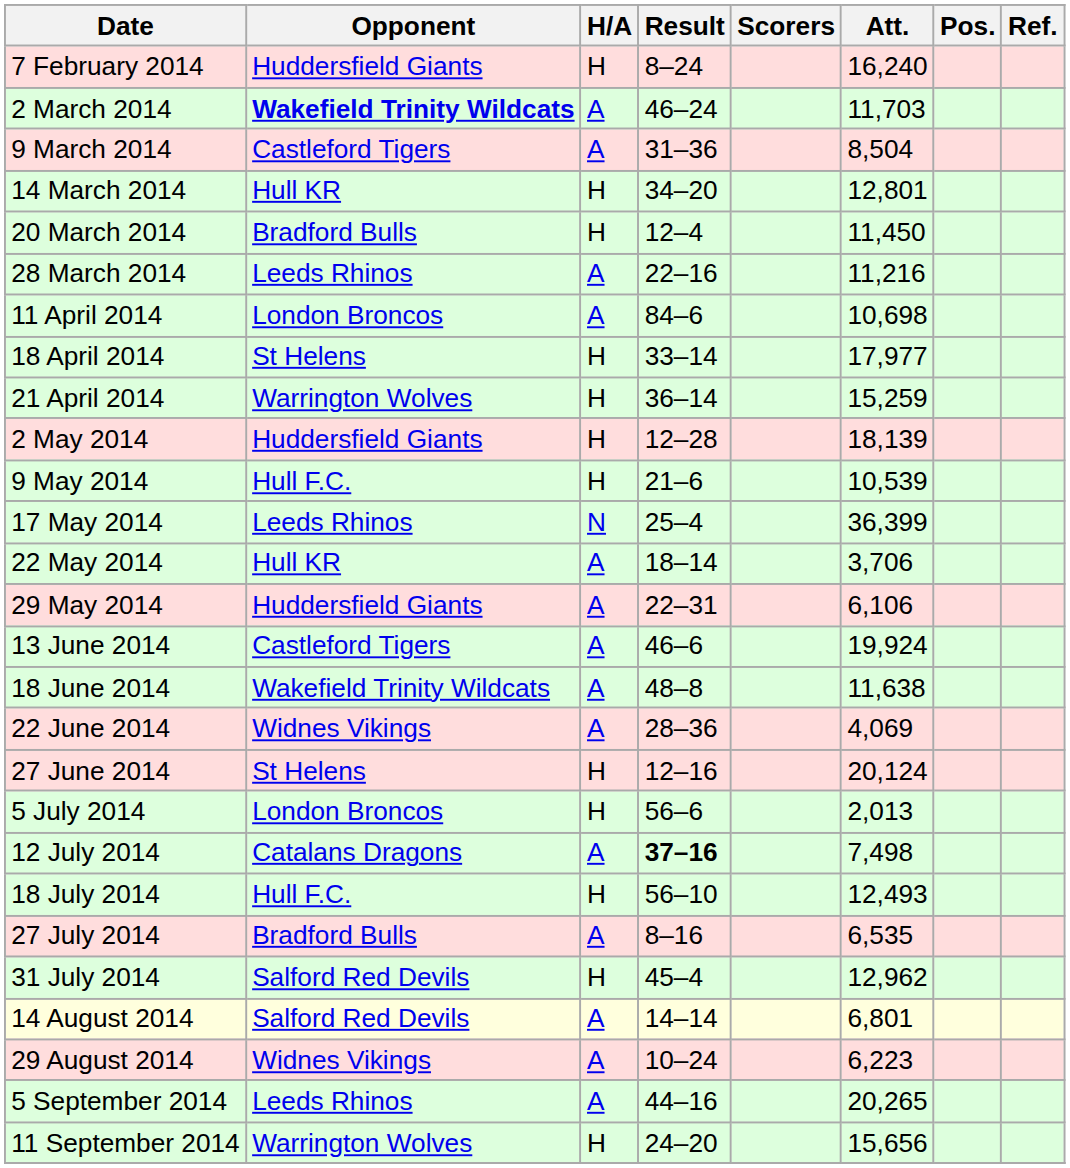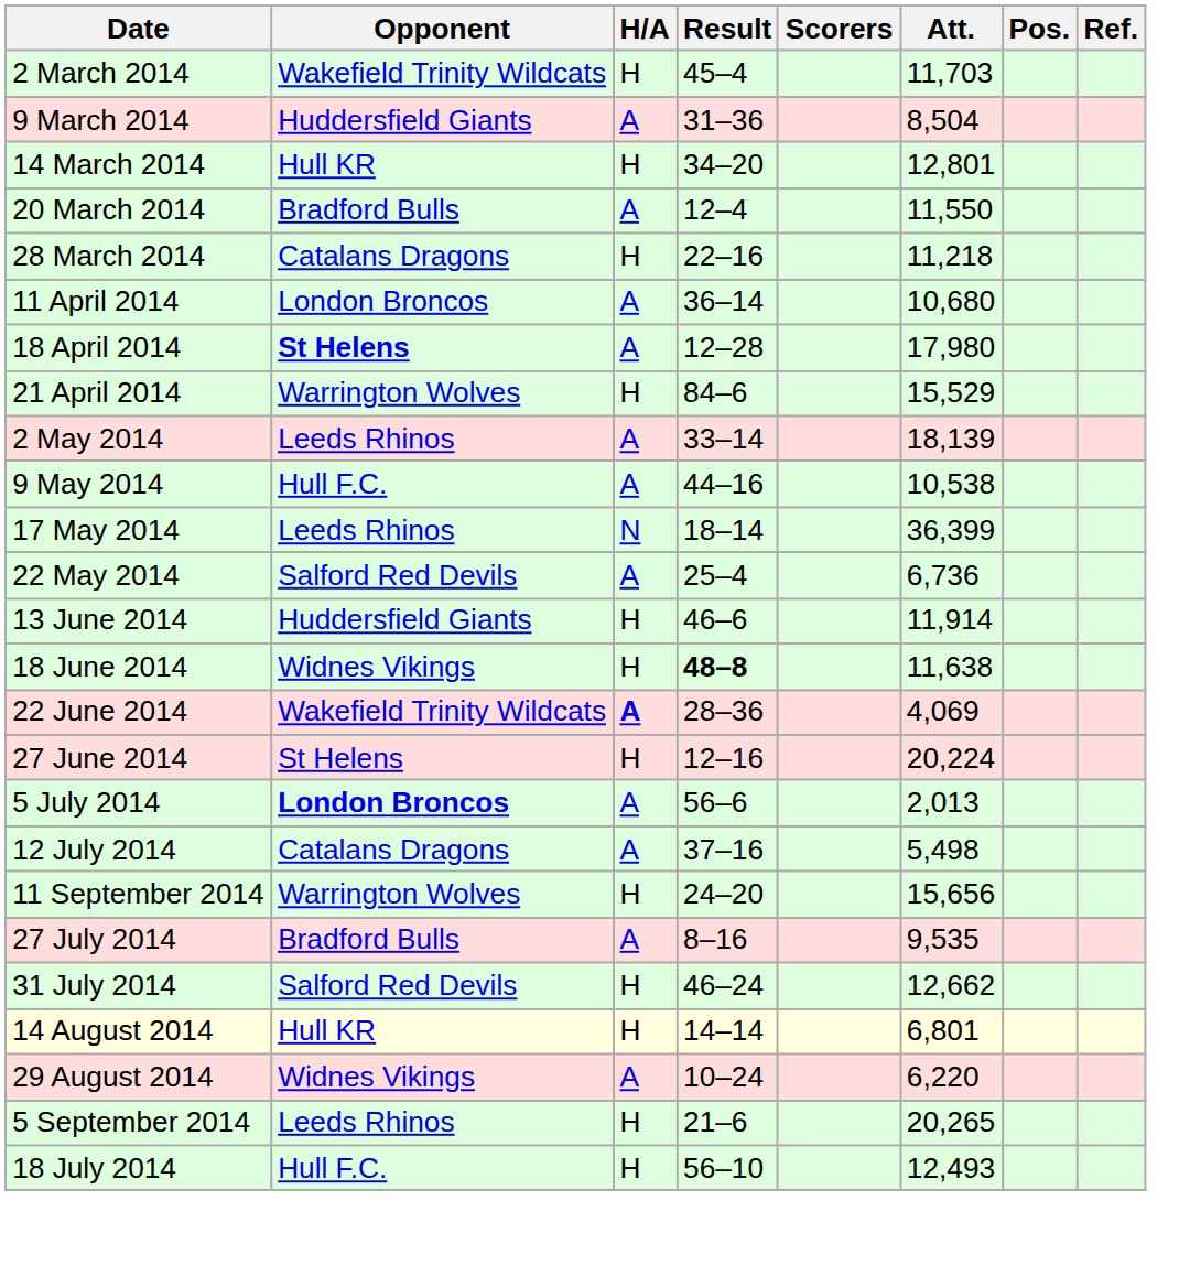 <table class="wikitable" style="font-size:85%;">
 <tr>
 <th>Date</th>
 <th>Opponent</th>
 <th>H/A</th>
 <th>Result</th>
 <th>Scorers</th>
 <th>Att.</th>
 <th>Pos.</th>
 <th>Ref.</th>
 </tr>
-<tr style="background:#ffdddd;">
-<td>7 February 2014</td>
-<td> <a href='#'>Huddersfield Giants</a></td>
-<td>H</td>
-<td>8–24</td>
-<td></td>
-<td>16,240</td>
-<td></td>
-<td></td>
-</tr>
 <tr style="background:#ddffdd;">
 <td>2 March 2014</td>
-<td><strong> <a href='#'> Wakefield Trinity Wildcats</a></strong></td>
-<td><a href='#'>A</a></td>
-<td>46–24</td>
+<td> <a href='#'> Wakefield Trinity Wildcats</a></td>
+<td>H</td>
+<td>45–4</td>
 <td></td>
 <td>11,703</td>
 <td></td>
 <td></td>
 </tr>
 <tr style="background:#ffdddd;">
 <td>9 March 2014</td>
-<td> <a href='#'>Castleford Tigers</a></td>
+<td> <a href='#'>Huddersfield Giants</a></td>
 <td><a href='#'>A</a></td>
 <td>31–36</td>
 <td></td>
 <td>8,504</td>
 <td></td>
 <td></td>
 </tr>
 <tr style="background:#ddffdd;">
 <td>14 March 2014</td>
 <td> <a href='#'>Hull KR</a></td>
 <td>H</td>
 <td>34–20</td>
 <td></td>
 <td>12,801</td>
 <td></td>
 <td></td>
 </tr>
 <tr style="background:#ddffdd;">
 <td>20 March 2014</td>
 <td> <a href='#'>Bradford Bulls</a></td>
-<td>H</td>
+<td><a href='#'>A</a></td>
 <td>12–4</td>
 <td></td>
-<td>11,450</td>
+<td>11,550</td>
 <td></td>
 <td></td>
 </tr>
 <tr style="background:#ddffdd;">
 <td>28 March 2014</td>
-<td> <a href='#'>Leeds Rhinos</a></td>
-<td><a href='#'>A</a></td>
+<td> <a href='#'>Catalans Dragons</a></td>
+<td>H</td>
 <td>22–16</td>
 <td></td>
-<td>11,216</td>
+<td>11,218</td>
 <td></td>
 <td></td>
 </tr>
 <tr style="background:#ddffdd;">
 <td>11 April 2014</td>
 <td> <a href='#'>London Broncos</a></td>
 <td><a href='#'>A</a></td>
-<td>84–6</td>
+<td>36–14</td>
 <td></td>
-<td>10,698</td>
+<td>10,680</td>
 <td></td>
 <td></td>
 </tr>
 <tr style="background:#ddffdd;">
 <td>18 April 2014</td>
-<td> <a href='#'>St Helens</a></td>
-<td>H</td>
-<td>33–14</td>
+<td><strong> <a href='#'>St Helens</a></strong></td>
+<td><a href='#'>A</a></td>
+<td>12–28</td>
 <td></td>
-<td>17,977</td>
+<td>17,980</td>
 <td></td>
 <td></td>
 </tr>
 <tr style="background:#ddffdd;">
 <td>21 April 2014</td>
 <td> <a href='#'>Warrington Wolves</a></td>
 <td>H</td>
-<td>36–14</td>
+<td>84–6</td>
 <td></td>
-<td>15,259</td>
+<td>15,529</td>
 <td></td>
 <td></td>
 </tr>
 <tr style="background:#ffdddd;">
 <td>2 May 2014</td>
-<td> <a href='#'>Huddersfield Giants</a></td>
-<td>H</td>
-<td>12–28</td>
+<td> <a href='#'>Leeds Rhinos</a></td>
+<td><a href='#'>A</a></td>
+<td>33–14</td>
 <td></td>
 <td>18,139</td>
 <td></td>
 <td></td>
 </tr>
 <tr style="background:#ddffdd;">
 <td>9 May 2014</td>
 <td> <a href='#'>Hull F.C.</a></td>
-<td>H</td>
-<td>21–6</td>
+<td><a href='#'>A</a></td>
+<td>44–16</td>
 <td></td>
-<td>10,539</td>
+<td>10,538</td>
 <td></td>
 <td></td>
 </tr>
 <tr style="background:#ddffdd;">
 <td>17 May 2014</td>
 <td> <a href='#'>Leeds Rhinos</a></td>
 <td><a href='#'>N</a></td>
-<td>25–4</td>
+<td>18–14</td>
 <td></td>
 <td>36,399</td>
 <td></td>
 <td></td>
 </tr>
 <tr style="background:#ddffdd;">
 <td>22 May 2014</td>
-<td> <a href='#'>Hull KR</a></td>
+<td> <a href='#'>Salford Red Devils</a></td>
 <td><a href='#'>A</a></td>
-<td>18–14</td>
+<td>25–4</td>
 <td></td>
-<td>3,706</td>
-<td></td>
-<td></td>
-</tr>
-<tr style="background:#ffdddd;">
-<td>29 May 2014</td>
-<td> <a href='#'>Huddersfield Giants</a></td>
-<td><a href='#'>A</a></td>
-<td>22–31</td>
-<td></td>
-<td>6,106</td>
+<td>6,736</td>
 <td></td>
 <td></td>
 </tr>
 <tr style="background:#ddffdd;">
 <td>13 June 2014</td>
-<td> <a href='#'>Castleford Tigers</a></td>
-<td><a href='#'>A</a></td>
+<td> <a href='#'>Huddersfield Giants</a></td>
+<td>H</td>
 <td>46–6</td>
 <td></td>
-<td>19,924</td>
+<td>11,914</td>
 <td></td>
 <td></td>
 </tr>
 <tr style="background:#ddffdd;">
 <td>18 June 2014</td>
-<td> <a href='#'>Wakefield Trinity Wildcats</a></td>
-<td><a href='#'>A</a></td>
-<td>48–8</td>
+<td> <a href='#'>Widnes Vikings</a></td>
+<td>H</td>
+<td><strong>48–8</strong></td>
 <td></td>
 <td>11,638</td>
 <td></td>
 <td></td>
 </tr>
 <tr style="background:#ffdddd;">
 <td>22 June 2014</td>
-<td> <a href='#'>Widnes Vikings</a></td>
-<td><a href='#'>A</a></td>
+<td> <a href='#'>Wakefield Trinity Wildcats</a></td>
+<td><strong><a href='#'>A</a></strong></td>
 <td>28–36</td>
 <td></td>
 <td>4,069</td>
 <td></td>
 <td></td>
 </tr>
 <tr style="background:#ffdddd;">
 <td>27 June 2014</td>
 <td> <a href='#'>St Helens</a></td>
 <td>H</td>
 <td>12–16</td>
 <td></td>
-<td>20,124</td>
+<td>20,224</td>
 <td></td>
 <td></td>
 </tr>
 <tr style="background:#ddffdd;">
 <td>5 July 2014</td>
-<td> <a href='#'>London Broncos</a></td>
-<td>H</td>
+<td><strong> <a href='#'>London Broncos</a></strong></td>
+<td><a href='#'>A</a></td>
 <td>56–6</td>
 <td></td>
 <td>2,013</td>
 <td></td>
 <td></td>
 </tr>
 <tr style="background:#ddffdd;">
 <td>12 July 2014</td>
 <td> <a href='#'>Catalans Dragons</a></td>
 <td><a href='#'>A</a></td>
-<td><strong>37–16</strong></td>
+<td>37–16</td>
 <td></td>
-<td>7,498</td>
+<td>5,498</td>
+<td></td>
+<td></td>
+</tr>
+<tr style="background:#ddffdd;">
+<td>11 September 2014</td>
+<td> <a href='#'>Warrington Wolves</a></td>
+<td>H</td>
+<td>24–20</td>
+<td></td>
+<td>15,656</td>
+<td></td>
+<td></td>
+</tr>
+<tr style="background:#ffdddd;">
+<td>27 July 2014</td>
+<td> <a href='#'>Bradford Bulls</a></td>
+<td><a href='#'>A</a></td>
+<td>8–16</td>
+<td></td>
+<td>9,535</td>
+<td></td>
+<td></td>
+</tr>
+<tr style="background:#ddffdd">
+<td>31 July 2014</td>
+<td> <a href='#'>Salford Red Devils</a></td>
+<td>H</td>
+<td>46–24</td>
+<td></td>
+<td>12,662</td>
+<td></td>
+<td></td>
+</tr>
+<tr style="background:#ffffdd;">
+<td>14 August 2014</td>
+<td> <a href='#'>Hull KR</a></td>
+<td>H</td>
+<td>14–14</td>
+<td></td>
+<td>6,801</td>
+<td></td>
+<td></td>
+</tr>
+<tr style="background:#ffdddd;">
+<td>29 August 2014</td>
+<td> <a href='#'>Widnes Vikings</a></td>
+<td><a href='#'>A</a></td>
+<td>10–24</td>
+<td></td>
+<td>6,220</td>
+<td></td>
+<td></td>
+</tr>
+<tr style="background:#ddffdd;">
+<td>5 September 2014</td>
+<td> <a href='#'>Leeds Rhinos</a></td>
+<td>H</td>
+<td>21–6</td>
+<td></td>
+<td>20,265</td>
 <td></td>
 <td></td>
 </tr>
 <tr style="background:#ddffdd;">
 <td>18 July 2014</td>
 <td> <a href='#'>Hull F.C.</a></td>
 <td>H</td>
 <td>56–10</td>
 <td></td>
 <td>12,493</td>
 <td></td>
 <td></td>
 </tr>
-<tr style="background:#ffdddd;">
-<td>27 July 2014</td>
-<td> <a href='#'>Bradford Bulls</a></td>
-<td><a href='#'>A</a></td>
-<td>8–16</td>
-<td></td>
-<td>6,535</td>
-<td></td>
-<td></td>
-</tr>
-<tr style="background:#ddffdd">
-<td>31 July 2014</td>
-<td> <a href='#'>Salford Red Devils</a></td>
-<td>H</td>
-<td>45–4</td>
-<td></td>
-<td>12,962</td>
-<td></td>
-<td></td>
-</tr>
-<tr style="background:#ffffdd;">
-<td>14 August 2014</td>
-<td> <a href='#'>Salford Red Devils</a></td>
-<td><a href='#'>A</a></td>
-<td>14–14</td>
-<td></td>
-<td>6,801</td>
-<td></td>
-<td></td>
-</tr>
-<tr style="background:#ffdddd;">
-<td>29 August 2014</td>
-<td> <a href='#'>Widnes Vikings</a></td>
-<td><a href='#'>A</a></td>
-<td>10–24</td>
-<td></td>
-<td>6,223</td>
-<td></td>
-<td></td>
-</tr>
-<tr style="background:#ddffdd;">
-<td>5 September 2014</td>
-<td> <a href='#'>Leeds Rhinos</a></td>
-<td><a href='#'>A</a></td>
-<td>44–16</td>
-<td></td>
-<td>20,265</td>
-<td></td>
-<td></td>
-</tr>
-<tr style="background:#ddffdd;">
-<td>11 September 2014</td>
-<td> <a href='#'>Warrington Wolves</a></td>
-<td>H</td>
-<td>24–20</td>
-<td></td>
-<td>15,656</td>
-<td></td>
-<td></td>
-</tr>
 <tr>
 </tr>
 </table>
